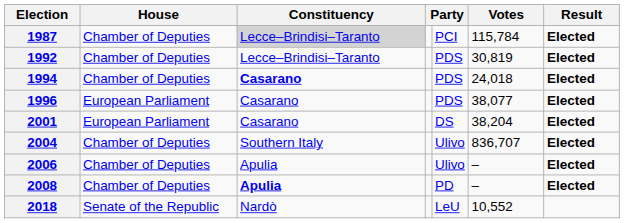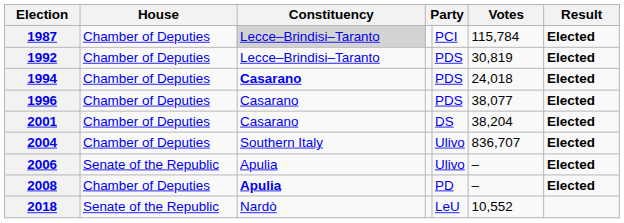 <table class=wikitable style="width:58%; border:1px #AAAAFF solid">
 <tr>
 <th width=12%>Election</th>
 <th width=25%>House</th>
 <th width=30%>Constituency</th>
 <th width=5% colspan="2">Party</th>
 <th width=12%>Votes</th>
 <th width=12%>Result</th>
 </tr>
 <tr>
 <th><a href='#'>1987</a></th>
 <td><a href='#'>Chamber of Deputies</a></td>
 <td style="background: lightgrey;"><a href='#'>Lecce–Brindisi–Taranto</a></td>
 <td></td>
 <td><a href='#'>PCI</a></td>
 <td>115,784</td>
 <td> <strong>Elected</strong></td>
 </tr>
 <tr>
 <th><a href='#'>1992</a></th>
 <td><a href='#'>Chamber of Deputies</a></td>
 <td><a href='#'>Lecce–Brindisi–Taranto</a></td>
 <td></td>
 <td><a href='#'>PDS</a></td>
 <td>30,819</td>
 <td> <strong>Elected</strong></td>
 </tr>
 <tr>
 <th><a href='#'>1994</a></th>
 <td><a href='#'>Chamber of Deputies</a></td>
 <td><strong><a href='#'>Casarano</a></strong></td>
 <td></td>
 <td><a href='#'>PDS</a></td>
 <td>24,018</td>
 <td> <strong>Elected</strong></td>
 </tr>
 <tr>
 <th><a href='#'>1996</a></th>
-<td><a href='#'>European Parliament</a></td>
+<td><a href='#'>Chamber of Deputies</a></td>
 <td><a href='#'>Casarano</a></td>
 <td></td>
 <td><a href='#'>PDS</a></td>
 <td>38,077</td>
 <td> <strong>Elected</strong></td>
 </tr>
 <tr>
 <th><a href='#'>2001</a></th>
-<td><a href='#'>European Parliament</a></td>
+<td><a href='#'>Chamber of Deputies</a></td>
 <td><a href='#'>Casarano</a></td>
 <td></td>
 <td><a href='#'>DS</a></td>
 <td>38,204</td>
 <td> <strong>Elected</strong></td>
 </tr>
 <tr>
 <th><a href='#'>2004</a></th>
 <td><a href='#'>Chamber of Deputies</a></td>
 <td><a href='#'>Southern Italy</a></td>
 <td></td>
 <td><a href='#'>Ulivo</a></td>
 <td>836,707</td>
 <td> <strong>Elected</strong></td>
 </tr>
 <tr>
 <th><a href='#'>2006</a></th>
-<td><a href='#'>Chamber of Deputies</a></td>
+<td><a href='#'>Senate of the Republic</a></td>
 <td><a href='#'>Apulia</a></td>
 <td></td>
 <td><a href='#'>Ulivo</a></td>
 <td>–</td>
 <td> <strong>Elected</strong></td>
 </tr>
 <tr>
 <th><a href='#'>2008</a></th>
 <td><a href='#'>Chamber of Deputies</a></td>
 <td><strong><a href='#'>Apulia</a></strong></td>
 <td></td>
 <td><a href='#'>PD</a></td>
 <td>–</td>
 <td> <strong>Elected</strong></td>
 </tr>
 <tr>
 <th><a href='#'>2018</a></th>
 <td><a href='#'>Senate of the Republic</a></td>
 <td><a href='#'>Nardò</a></td>
 <td></td>
 <td><a href='#'>LeU</a></td>
 <td>10,552</td>
 <td></td>
 </tr>
 </table>
